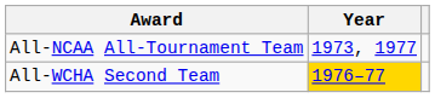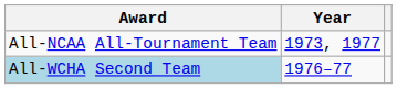 <table class="wikitable">
 <tr>
 <th>Award</th>
 <th>Year</th>
 <th></th>
 </tr>
 <tr>
 <td>All-<a href='#'>NCAA</a> <a href='#'>All-Tournament Team</a></td>
 <td><a href='#'>1973</a>, <a href='#'>1977</a></td>
 <td></td>
 </tr>
 <tr>
-<td>All-<a href='#'>WCHA</a> <a href='#'>Second Team</a></td>
-<td style="background: gold;"><a href='#'>1976–77</a></td>
+<td style="background: lightblue;">All-<a href='#'>WCHA</a> <a href='#'>Second Team</a></td>
+<td><a href='#'>1976–77</a></td>
 <td></td>
 </tr>
 </table>
